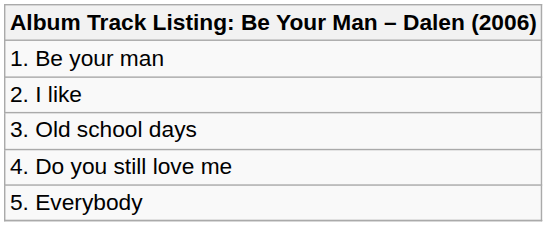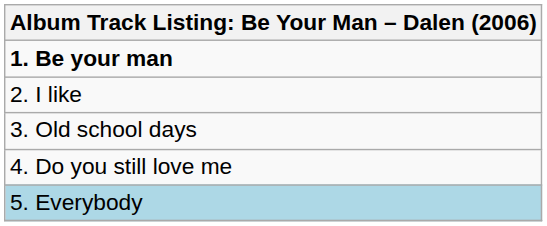 <table class="wikitable">
 <tr>
 <th>Album Track Listing: Be Your Man – Dalen (2006)</th>
 </tr>
 <tr>
-<td>1. Be your man</td>
+<td><strong>1. Be your man</strong></td>
 </tr>
 <tr>
 <td>2. I like</td>
 </tr>
 <tr>
 <td>3. Old school days</td>
 </tr>
 <tr>
 <td>4. Do you still love me</td>
 </tr>
 <tr>
-<td>5. Everybody</td>
+<td style="background: lightblue;">5. Everybody</td>
 </tr>
 <tr>
 </tr>
 </table>
